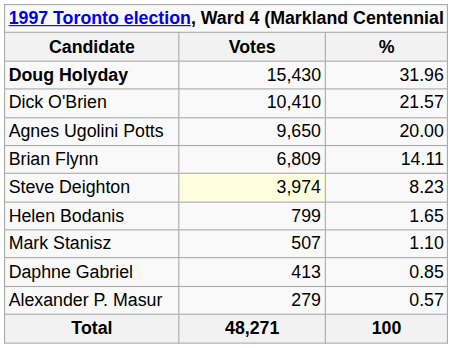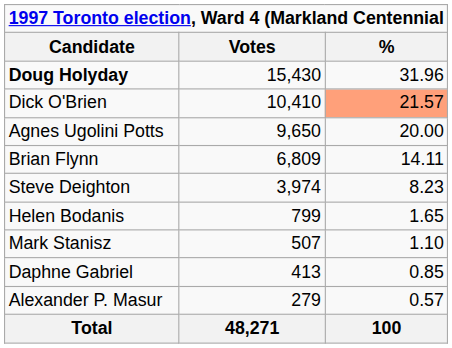 <table class="wikitable">
 <tr>
 <td Colspan="3" align="center"><strong><a href='#'>1997 Toronto election</a>, Ward 4 (Markland Centennial</strong></td>
 </tr>
 <tr>
 <th width="150" bgcolor="#ddddff">Candidate</th>
 <th bgcolor="#ddddff">Votes</th>
 <th bgcolor="#ddddff">%</th>
 </tr>
 <tr>
 <td><strong>Doug Holyday</strong></td>
 <td align=right>15,430</td>
 <td align=right>31.96</td>
 </tr>
 <tr>
 <td>Dick O'Brien</td>
 <td align=right>10,410</td>
-<td align=right>21.57</td>
+<td align=right style="background: lightsalmon;">21.57</td>
 </tr>
 <tr>
 <td>Agnes Ugolini Potts</td>
 <td align=right>9,650</td>
 <td align=right>20.00</td>
 </tr>
 <tr>
 <td>Brian Flynn</td>
 <td align=right>6,809</td>
 <td align=right>14.11</td>
 </tr>
 <tr>
 <td>Steve Deighton</td>
-<td align=right style="background: lightyellow;">3,974</td>
+<td align=right>3,974</td>
 <td align=right>8.23</td>
 </tr>
 <tr>
 <td>Helen Bodanis</td>
 <td align=right>799</td>
 <td align=right>1.65</td>
 </tr>
 <tr>
 <td>Mark Stanisz</td>
 <td align=right>507</td>
 <td align=right>1.10</td>
 </tr>
 <tr>
 <td>Daphne Gabriel</td>
 <td align=right>413</td>
 <td align=right>0.85</td>
 </tr>
 <tr>
 <td>Alexander P. Masur</td>
 <td align=right>279</td>
 <td align=right>0.57</td>
 </tr>
 <tr>
 <th>Total</th>
 <th align=right>48,271</th>
 <th align=right>100</th>
 </tr>
 </table>
